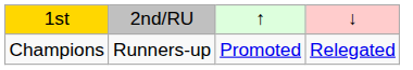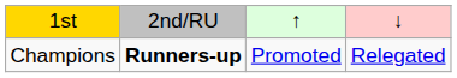 <table class="wikitable" style="text-align:center">
 <tr>
 <td bgcolor=gold>1st</td>
 <td bgcolor=silver>2nd/RU</td>
 <td bgcolor="#DDFFDD">↑</td>
 <td bgcolor="#FFCCCC">↓</td>
 </tr>
 <tr>
 <td>Champions</td>
-<td>Runners-up</td>
+<td><strong>Runners-up</strong></td>
 <td><a href='#'>Promoted</a></td>
 <td><a href='#'>Relegated</a></td>
 </tr>
 </table>
